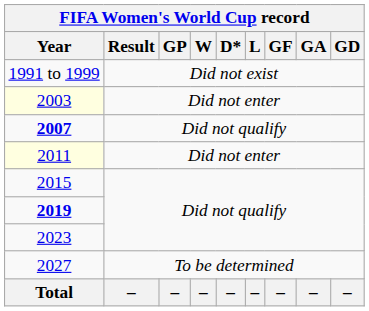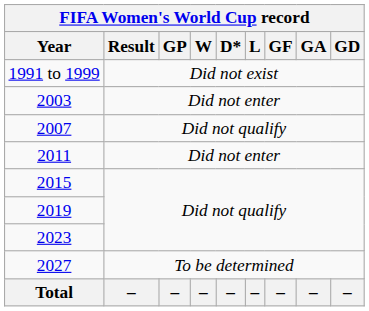 <table class="wikitable" style="text-align: center">
 <tr>
 <th colspan=10><a href='#'>FIFA Women's World Cup</a> record</th>
 </tr>
 <tr>
 <th>Year</th>
 <th>Result</th>
 <th>GP</th>
 <th>W</th>
 <th>D*</th>
 <th>L</th>
 <th>GF</th>
 <th>GA</th>
 <th>GD</th>
 </tr>
 <tr>
 <td> <a href='#'>1991</a> to  <a href='#'>1999</a></td>
 <td colspan=8><em>Did not exist</em></td>
 </tr>
 <tr>
-<td style="background: lightyellow;"> <a href='#'>2003</a></td>
+<td> <a href='#'>2003</a></td>
 <td colspan=8><em>Did not enter</em></td>
 </tr>
 <tr>
-<td><strong> <a href='#'>2007</a></strong></td>
+<td> <a href='#'>2007</a></td>
 <td colspan=8><em>Did not qualify</em></td>
 </tr>
 <tr>
-<td style="background: lightyellow;"> <a href='#'>2011</a></td>
+<td> <a href='#'>2011</a></td>
 <td colspan=8><em>Did not enter</em></td>
 </tr>
 <tr>
 <td> <a href='#'>2015</a></td>
 <td colspan=8 rowspan=3><em>Did not qualify</em></td>
 </tr>
 <tr>
-<td><strong> <a href='#'>2019</a></strong></td>
+<td> <a href='#'>2019</a></td>
 </tr>
 <tr>
 <td> <a href='#'>2023</a></td>
 </tr>
 <tr>
 <td> <a href='#'>2027</a></td>
 <td colspan=8><em>To be determined</em></td>
 </tr>
 <tr>
 <th>Total</th>
 <th>–</th>
 <th>–</th>
 <th>–</th>
 <th>–</th>
 <th>–</th>
 <th>–</th>
 <th>–</th>
 <th>–</th>
 </tr>
 </table>
